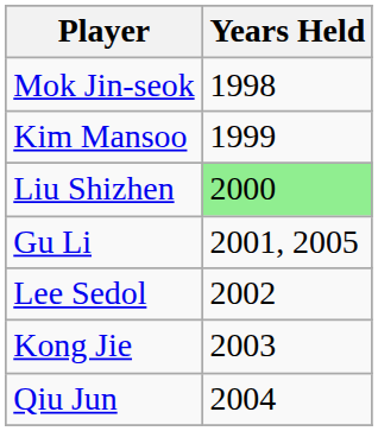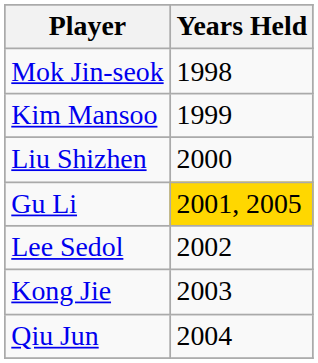 <table class="wikitable">
 <tr>
 <th>Player</th>
 <th>Years Held</th>
 </tr>
 <tr>
 <td> <a href='#'>Mok Jin-seok</a></td>
 <td>1998</td>
 </tr>
 <tr>
 <td> <a href='#'>Kim Mansoo</a></td>
 <td>1999</td>
 </tr>
 <tr>
 <td> <a href='#'>Liu Shizhen</a></td>
-<td style="background: lightgreen;">2000</td>
+<td>2000</td>
 </tr>
 <tr>
 <td> <a href='#'>Gu Li</a></td>
-<td>2001, 2005</td>
+<td style="background: gold;">2001, 2005</td>
 </tr>
 <tr>
 <td>  <a href='#'>Lee Sedol</a></td>
 <td>2002</td>
 </tr>
 <tr>
 <td> <a href='#'>Kong Jie</a></td>
 <td>2003</td>
 </tr>
 <tr>
 <td> <a href='#'>Qiu Jun</a></td>
 <td>2004</td>
 </tr>
 </table>
